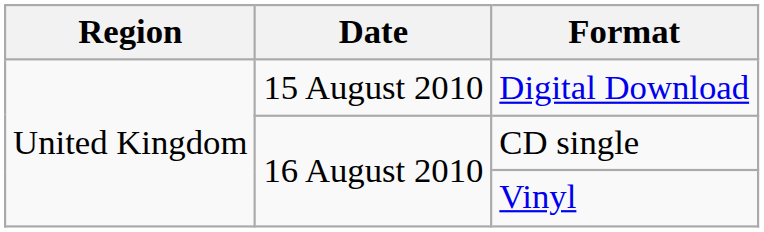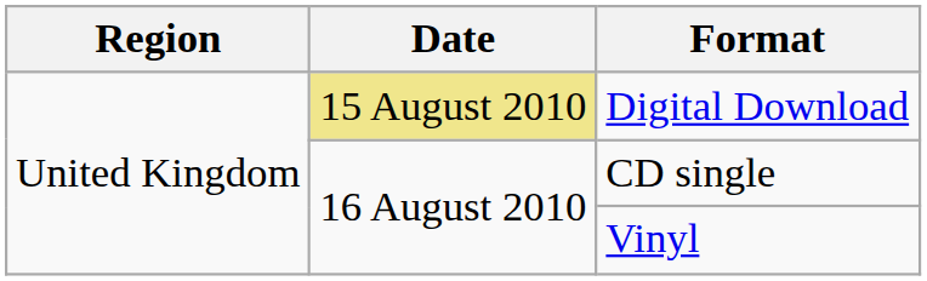 <table class="wikitable">
 <tr>
 <th>Region</th>
 <th>Date</th>
 <th>Format</th>
 </tr>
 <tr>
 <td rowspan=3>United Kingdom</td>
-<td>15 August 2010</td>
+<td style="background: khaki;">15 August 2010</td>
 <td><a href='#'>Digital Download</a></td>
 </tr>
 <tr>
 <td rowspan=2>16 August 2010</td>
 <td>CD single</td>
 </tr>
 <tr>
 <td><a href='#'>Vinyl</a></td>
 </tr>
 </table>
